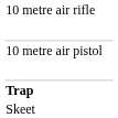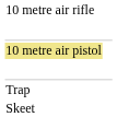 <table>
 <tr>
 <td>10 metre air rifle <br></td>
 <td></td>
 <td></td>
 <td></td>
 </tr>
 <tr>
 <td> <br></td>
 <td></td>
 <td></td>
 <td></td>
 </tr>
 <tr>
 </tr>
 <tr bgcolor=#DDDDDD>
 <td colspan=7></td>
 </tr>
 <tr>
-<td>10 metre air pistol <br></td>
+<td style="background: khaki;">10 metre air pistol <br></td>
 <td></td>
 <td></td>
 <td></td>
 </tr>
 <tr>
 <td> <br></td>
 <td></td>
 <td></td>
 <td></td>
 </tr>
 <tr bgcolor=#DDDDDD>
 <td colspan=7></td>
 </tr>
 <tr>
-<td><strong>Trap <br></strong></td>
+<td>Trap <br></td>
 <td></td>
 <td></td>
 <td></td>
 </tr>
 <tr>
 <td>Skeet <br></td>
 <td></td>
 <td></td>
 <td></td>
 </tr>
 </table>
